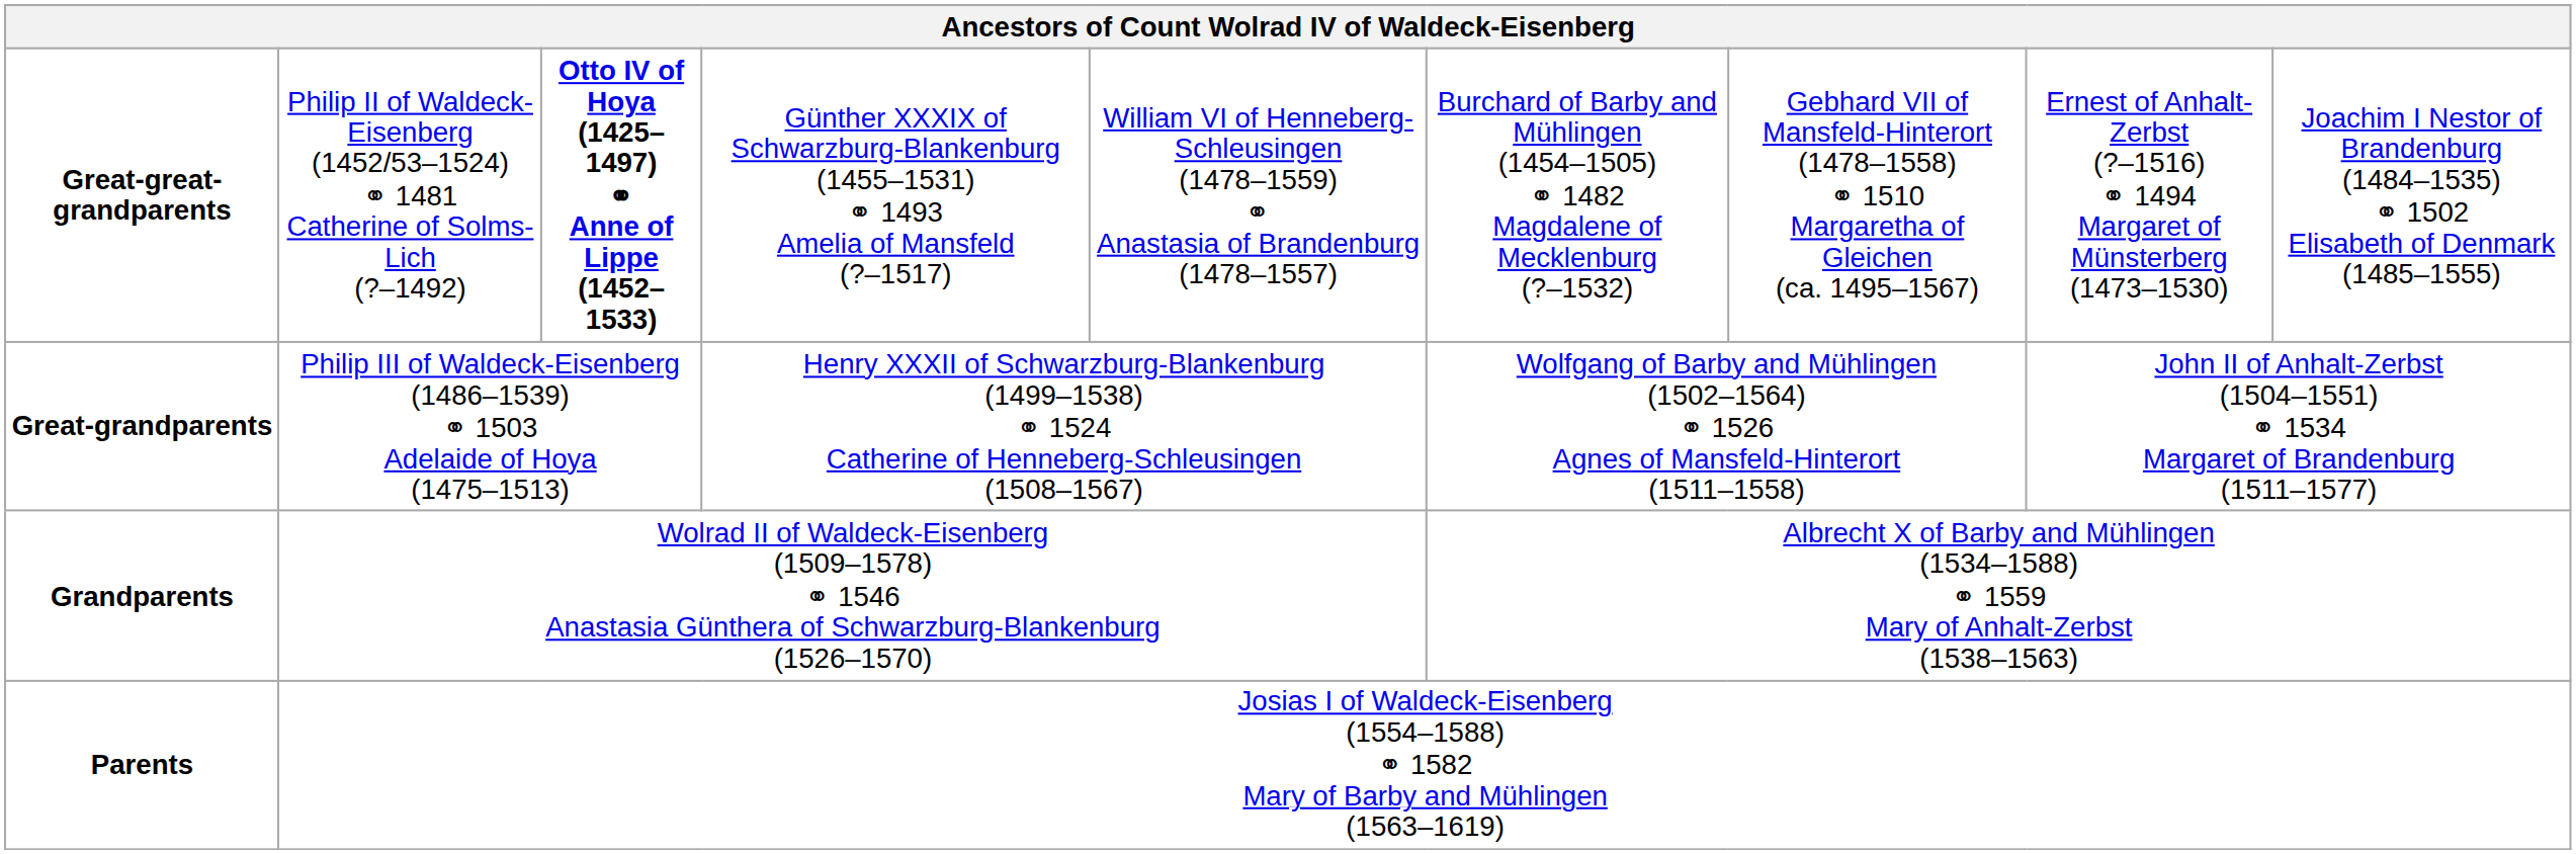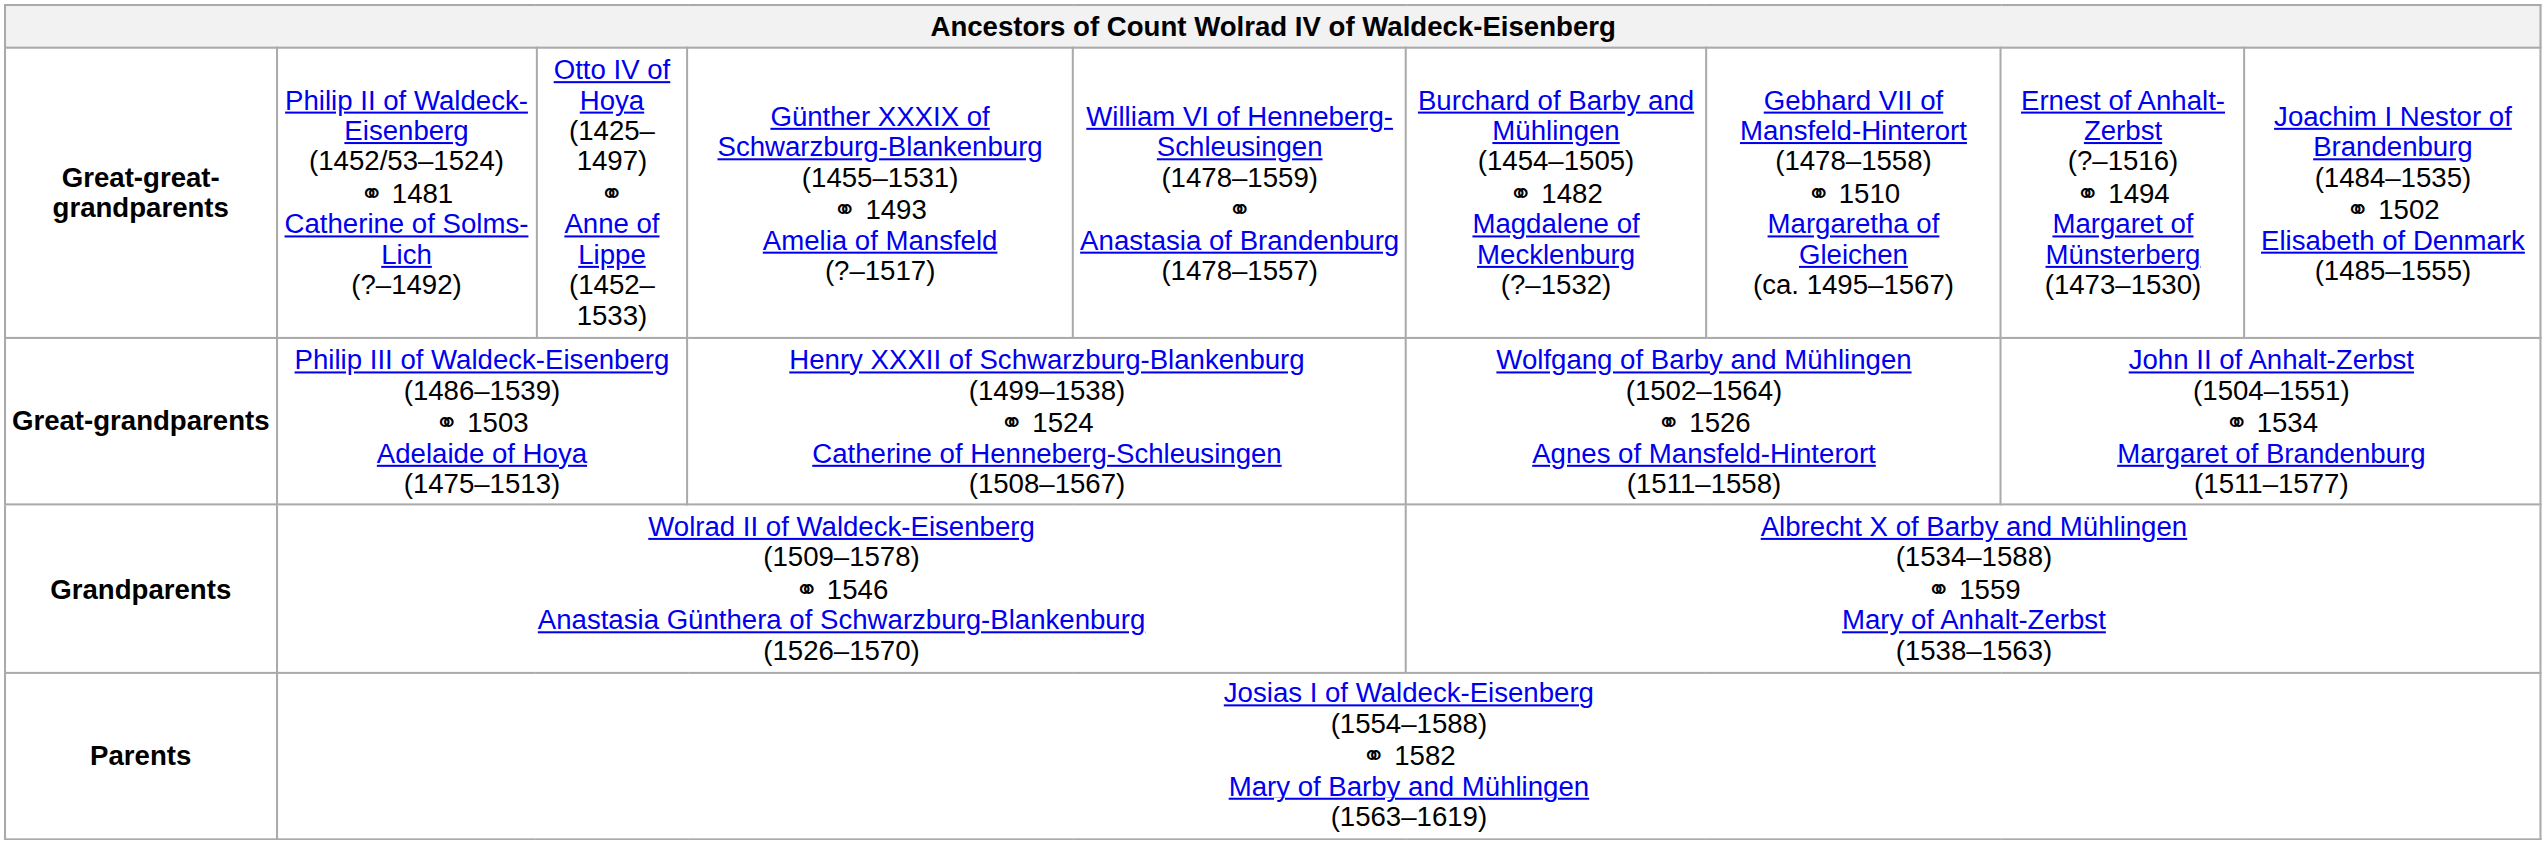 <table class="wikitable" style="background:#FFFFFF; font-size:85%; text-align:center">
 <tr bgcolor="#E0E0E0">
 <th colspan="9">Ancestors of Count Wolrad IV of Waldeck-Eisenberg</th>
 </tr>
 <tr>
 <td><strong>Great-great-grandparents</strong></td>
 <td colspan="1"><a href='#'>Philip II of Waldeck-Eisenberg</a><br>(1452/53–1524)<br>⚭ 1481<br><a href='#'>Catherine of Solms-Lich</a><br>(?–1492)</td>
-<td colspan="1"><strong><a href='#'>Otto IV of Hoya</a><br>(1425–1497)<br>⚭<br><a href='#'>Anne of Lippe</a><br>(1452–1533)</strong></td>
+<td colspan="1"><a href='#'>Otto IV of Hoya</a><br>(1425–1497)<br>⚭<br><a href='#'>Anne of Lippe</a><br>(1452–1533)</td>
 <td colspan="1"><a href='#'>Günther XXXIX of Schwarzburg-Blankenburg</a><br>(1455–1531)<br>⚭ 1493<br><a href='#'>Amelia of Mansfeld</a><br>(?–1517)</td>
 <td colspan="1"><a href='#'>William VI of Henneberg-Schleusingen</a><br>(1478–1559)<br>⚭<br><a href='#'>Anastasia of Brandenburg</a><br>(1478–1557)</td>
 <td colspan="1"><a href='#'>Burchard of Barby and Mühlingen</a><br>(1454–1505)<br>⚭ 1482<br><a href='#'>Magdalene of Mecklenburg</a><br>(?–1532)</td>
 <td colspan="1"><a href='#'>Gebhard VII of Mansfeld-Hinterort</a><br>(1478–1558)<br>⚭ 1510<br><a href='#'>Margaretha of Gleichen</a><br>(ca. 1495–1567)</td>
 <td colspan="1"><a href='#'>Ernest of Anhalt-Zerbst</a><br>(?–1516)<br>⚭ 1494<br><a href='#'>Margaret of Münsterberg</a><br>(1473–1530)</td>
 <td colspan="1"><a href='#'>Joachim I Nestor of Brandenburg</a><br>(1484–1535)<br>⚭ 1502<br><a href='#'>Elisabeth of Denmark</a><br>(1485–1555)</td>
 </tr>
 <tr>
 <td><strong>Great-grandparents</strong></td>
 <td colspan="2"><a href='#'>Philip III of Waldeck-Eisenberg</a><br>(1486–1539)<br>⚭ 1503<br><a href='#'>Adelaide of Hoya</a><br>(1475–1513)</td>
 <td colspan="2"><a href='#'>Henry XXXII of Schwarzburg-Blankenburg</a><br>(1499–1538)<br>⚭ 1524<br><a href='#'>Catherine of Henneberg-Schleusingen</a><br>(1508–1567)</td>
 <td colspan="2"><a href='#'>Wolfgang of Barby and Mühlingen</a><br>(1502–1564)<br>⚭ 1526<br><a href='#'>Agnes of Mansfeld-Hinterort</a><br>(1511–1558)</td>
 <td colspan="2"><a href='#'>John II of Anhalt-Zerbst</a><br>(1504–1551)<br>⚭ 1534<br><a href='#'>Margaret of Brandenburg</a><br>(1511–1577)</td>
 </tr>
 <tr>
 <td><strong>Grandparents</strong></td>
 <td colspan="4"><a href='#'>Wolrad II of Waldeck-Eisenberg</a><br>(1509–1578)<br>⚭ 1546<br><a href='#'>Anastasia Günthera of Schwarzburg-Blankenburg</a><br>(1526–1570)</td>
 <td colspan="4"><a href='#'>Albrecht X of Barby and Mühlingen</a><br>(1534–1588)<br>⚭ 1559<br><a href='#'>Mary of Anhalt-Zerbst</a><br>(1538–1563)</td>
 </tr>
 <tr>
 <td><strong>Parents</strong></td>
 <td colspan="8"><a href='#'>Josias I of Waldeck-Eisenberg</a><br>(1554–1588)<br>⚭ 1582<br><a href='#'>Mary of Barby and Mühlingen</a><br>(1563–1619)</td>
 </tr>
 </table>
